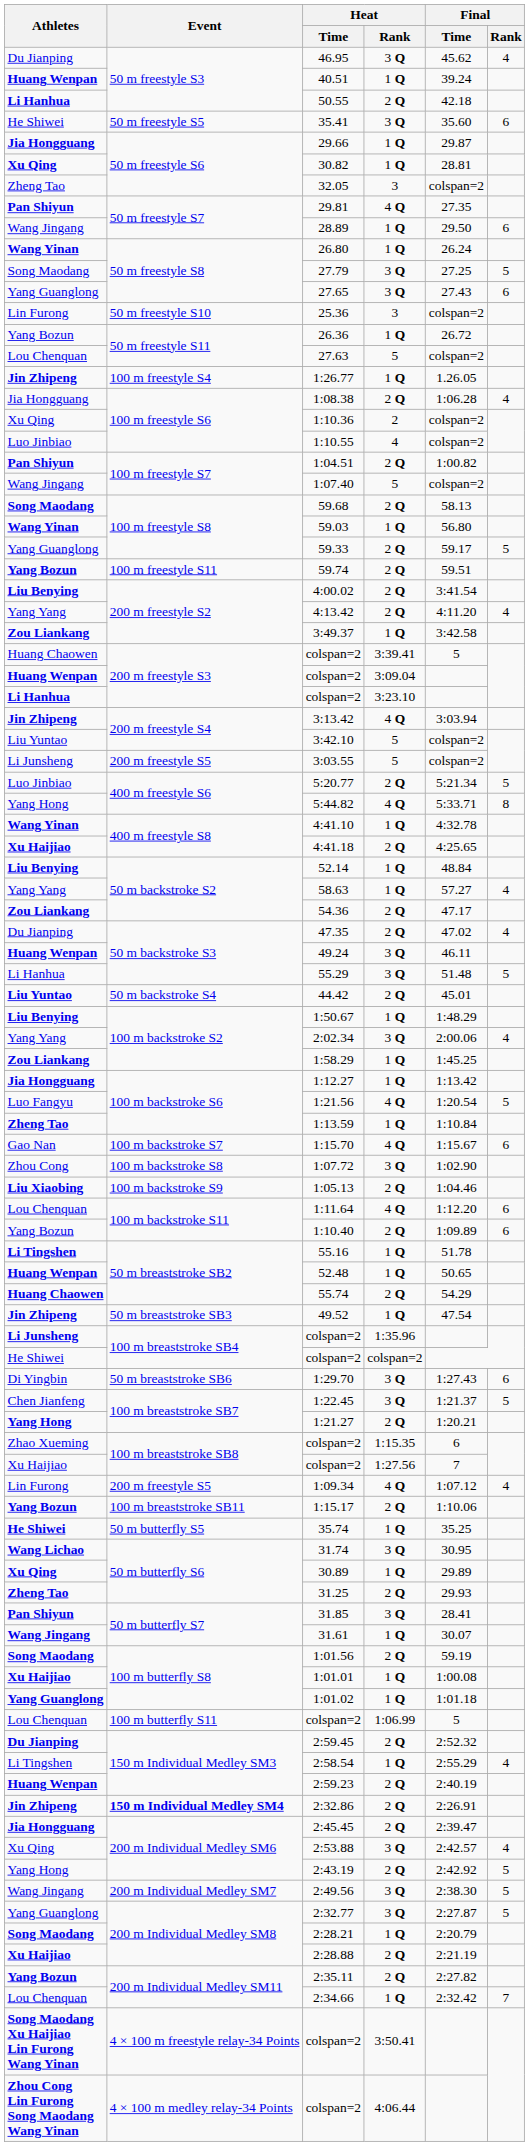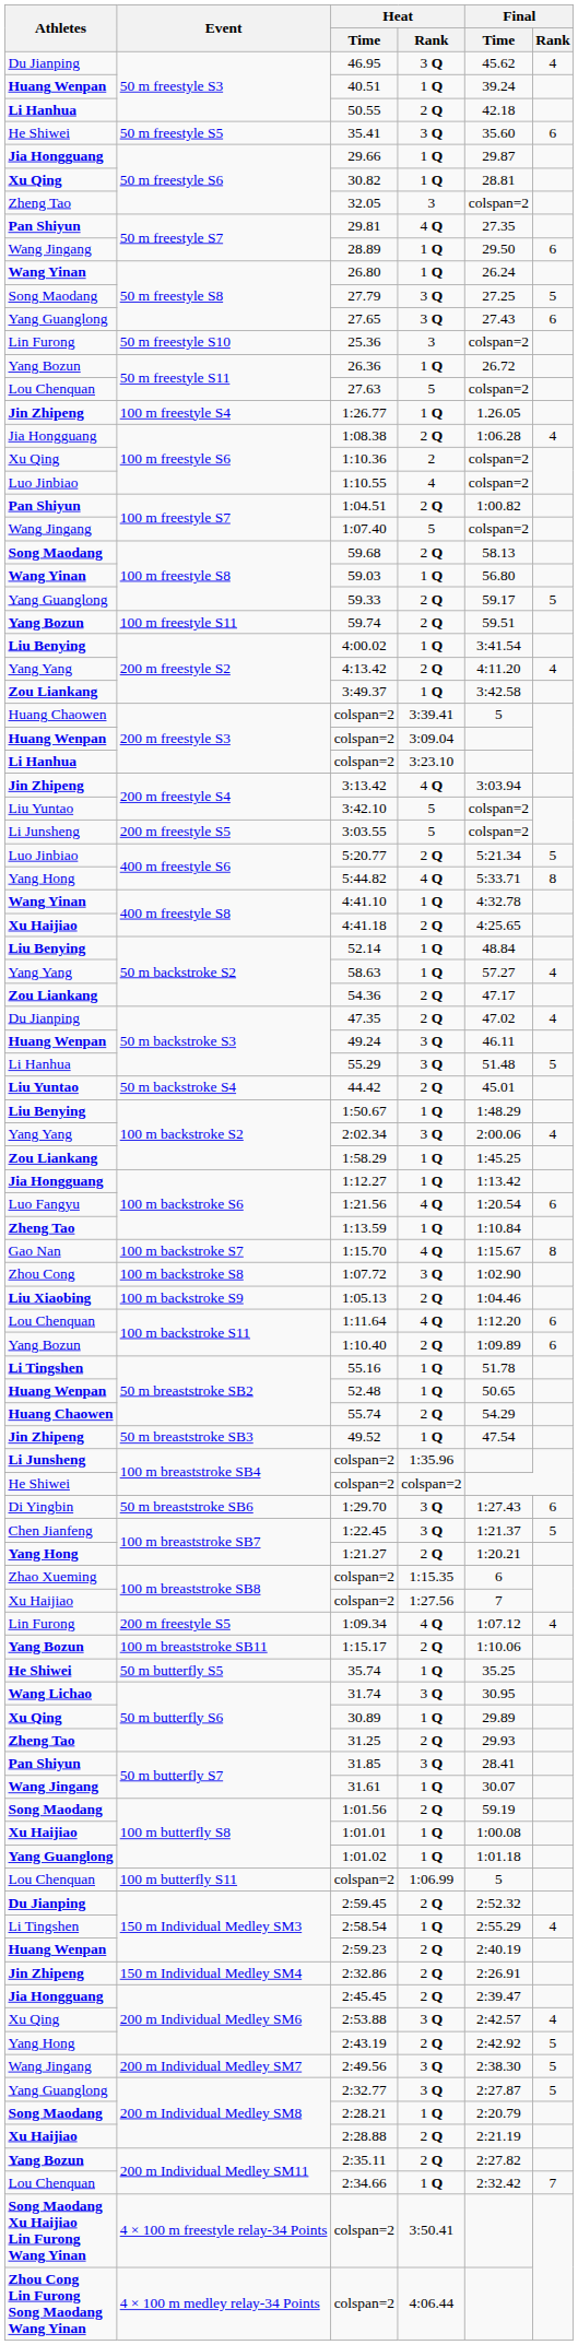 <table class=wikitable>
 <tr>
 <th rowspan="2">Athletes</th>
 <th rowspan="2">Event</th>
 <th colspan="2">Heat</th>
 <th colspan="2">Final</th>
 </tr>
 <tr>
 <th>Time</th>
 <th>Rank</th>
 <th>Time</th>
 <th>Rank</th>
 </tr>
 <tr align=center>
 <td align=left><a href='#'>Du Jianping</a></td>
 <td align=left rowspan=3><a href='#'>50 m freestyle S3</a></td>
 <td>46.95</td>
 <td>3 <strong>Q</strong></td>
 <td>45.62</td>
 <td>4</td>
 </tr>
 <tr align=center>
 <td align=left><strong><a href='#'>Huang Wenpan</a></strong></td>
 <td>40.51 </td>
 <td>1 <strong>Q</strong></td>
 <td>39.24 </td>
 <td></td>
 </tr>
 <tr align=center>
 <td align=left><strong><a href='#'>Li Hanhua</a></strong></td>
 <td>50.55</td>
 <td>2 <strong>Q</strong></td>
 <td>42.18</td>
 <td></td>
 </tr>
 <tr align=center>
 <td align=left><a href='#'>He Shiwei</a></td>
 <td align=left><a href='#'>50 m freestyle S5</a></td>
 <td>35.41</td>
 <td>3 <strong>Q</strong></td>
 <td>35.60</td>
 <td>6</td>
 </tr>
 <tr align=center>
 <td align=left><strong><a href='#'>Jia Hongguang</a></strong></td>
 <td align=left rowspan=3><a href='#'>50 m freestyle S6</a></td>
 <td>29.66</td>
 <td>1 <strong>Q</strong></td>
 <td>29.87</td>
 <td></td>
 </tr>
 <tr align=center>
 <td align=left><strong><a href='#'>Xu Qing</a></strong></td>
 <td>30.82</td>
 <td>1 <strong>Q</strong></td>
 <td>28.81</td>
 <td></td>
 </tr>
 <tr align=center>
 <td align=left><a href='#'>Zheng Tao</a></td>
 <td>32.05</td>
 <td>3</td>
 <td>colspan=2</td>
 </tr>
 <tr align=center>
 <td align=left><strong><a href='#'>Pan Shiyun</a></strong></td>
 <td align=left rowspan=2><a href='#'>50 m freestyle S7</a></td>
 <td>29.81</td>
 <td>4 <strong>Q</strong></td>
 <td>27.35 </td>
 <td></td>
 </tr>
 <tr align=center>
 <td align=left><a href='#'>Wang Jingang</a></td>
 <td>28.89</td>
 <td>1 <strong>Q</strong></td>
 <td>29.50</td>
 <td>6</td>
 </tr>
 <tr align=center>
 <td align=left><strong><a href='#'>Wang Yinan</a></strong></td>
 <td align=left rowspan=3><a href='#'>50 m freestyle S8</a></td>
 <td>26.80</td>
 <td>1 <strong>Q</strong></td>
 <td>26.24</td>
 <td></td>
 </tr>
 <tr align=center>
 <td align=left><a href='#'>Song Maodang</a></td>
 <td>27.79</td>
 <td>3 <strong>Q</strong></td>
 <td>27.25</td>
 <td>5</td>
 </tr>
 <tr align=center>
 <td align=left><a href='#'>Yang Guanglong</a></td>
 <td>27.65</td>
 <td>3 <strong>Q</strong></td>
 <td>27.43</td>
 <td>6</td>
 </tr>
 <tr align=center>
 <td align=left><a href='#'>Lin Furong</a></td>
 <td align=left><a href='#'>50 m freestyle S10</a></td>
 <td>25.36</td>
 <td>3</td>
 <td>colspan=2</td>
 </tr>
 <tr align=center>
 <td align=left><a href='#'>Yang Bozun</a></td>
 <td align=left rowspan=2><a href='#'>50 m freestyle S11</a></td>
 <td>26.36</td>
 <td>1 <strong>Q</strong></td>
 <td>26.72</td>
 <td></td>
 </tr>
 <tr align=center>
 <td align=left><a href='#'>Lou Chenquan</a></td>
 <td>27.63</td>
 <td>5</td>
 <td>colspan=2</td>
 </tr>
 <tr align=center>
 <td align=left><strong><a href='#'>Jin Zhipeng</a></strong></td>
 <td align=left><a href='#'>100 m freestyle S4</a></td>
 <td>1:26.77</td>
 <td>1 <strong>Q</strong></td>
 <td>1.26.05</td>
 <td></td>
 </tr>
 <tr align=center>
 <td align=left><a href='#'>Jia Hongguang</a></td>
 <td align=left rowspan=3><a href='#'>100 m freestyle S6</a></td>
 <td>1:08.38</td>
 <td>2 <strong>Q</strong></td>
 <td>1:06.28</td>
 <td>4</td>
 </tr>
 <tr align=center>
 <td align=left><a href='#'>Xu Qing</a></td>
 <td>1:10.36</td>
 <td>2</td>
 <td>colspan=2</td>
 </tr>
 <tr align=center>
 <td align=left><a href='#'>Luo Jinbiao</a></td>
 <td>1:10.55</td>
 <td>4</td>
 <td>colspan=2</td>
 </tr>
 <tr align=center>
 <td align=left><strong><a href='#'>Pan Shiyun</a></strong></td>
 <td align=left rowspan=2><a href='#'>100 m freestyle S7</a></td>
 <td>1:04.51</td>
 <td>2 <strong>Q</strong></td>
 <td>1:00.82</td>
 <td></td>
 </tr>
 <tr align=center>
 <td align=left><a href='#'>Wang Jingang</a></td>
 <td>1:07.40</td>
 <td>5</td>
 <td>colspan=2</td>
 </tr>
 <tr align=center>
 <td align=left><strong><a href='#'>Song Maodang</a></strong></td>
 <td align=left rowspan=3><a href='#'>100 m freestyle S8</a></td>
 <td>59.68</td>
 <td>2 <strong>Q</strong></td>
 <td>58.13</td>
 <td></td>
 </tr>
 <tr align=center>
 <td align=left><strong><a href='#'>Wang Yinan</a></strong></td>
 <td>59.03</td>
 <td>1 <strong>Q</strong></td>
 <td>56.80</td>
 <td></td>
 </tr>
 <tr align=center>
 <td align=left><a href='#'>Yang Guanglong</a></td>
 <td>59.33</td>
 <td>2 <strong>Q</strong></td>
 <td>59.17</td>
 <td>5</td>
 </tr>
 <tr align=center>
 <td align=left><strong><a href='#'>Yang Bozun</a></strong></td>
 <td align=left><a href='#'>100 m freestyle S11</a></td>
 <td>59.74</td>
 <td>2 <strong>Q</strong></td>
 <td>59.51</td>
 <td></td>
 </tr>
 <tr align=center>
 <td align=left><strong><a href='#'>Liu Benying</a></strong></td>
 <td align=left rowspan=3><a href='#'>200 m freestyle S2</a></td>
 <td>4:00.02</td>
-<td>2 <strong>Q</strong></td>
+<td>1 <strong>Q</strong></td>
 <td>3:41.54 </td>
 <td></td>
 </tr>
 <tr align=center>
 <td align=left><a href='#'>Yang Yang</a></td>
 <td>4:13.42</td>
 <td>2 <strong>Q</strong></td>
 <td>4:11.20</td>
 <td>4</td>
 </tr>
 <tr align=center>
 <td align=left><strong><a href='#'>Zou Liankang</a></strong></td>
 <td>3:49.37 </td>
 <td>1 <strong>Q</strong></td>
 <td>3:42.58</td>
 <td></td>
 </tr>
 <tr align=center>
 <td align=left><a href='#'>Huang Chaowen</a></td>
 <td align=left rowspan=3><a href='#'>200 m freestyle S3</a></td>
 <td>colspan=2 </td>
 <td>3:39.41</td>
 <td>5</td>
 </tr>
 <tr align=center>
 <td align=left><strong><a href='#'>Huang Wenpan</a></strong></td>
 <td>colspan=2 </td>
 <td>3:09.04 </td>
 <td></td>
 </tr>
 <tr align=center>
 <td align=left><strong><a href='#'>Li Hanhua</a></strong></td>
 <td>colspan=2 </td>
 <td>3:23.10</td>
 <td></td>
 </tr>
 <tr align=center>
 <td align=left><strong><a href='#'>Jin Zhipeng</a></strong></td>
 <td align=left rowspan=2><a href='#'>200 m freestyle S4</a></td>
 <td>3:13.42</td>
 <td>4 <strong>Q</strong></td>
 <td>3:03.94</td>
 <td></td>
 </tr>
 <tr align=center>
 <td align=left><a href='#'>Liu Yuntao</a></td>
 <td>3:42.10</td>
 <td>5</td>
 <td>colspan=2</td>
 </tr>
 <tr align=center>
 <td align=left><a href='#'>Li Junsheng</a></td>
 <td align=left><a href='#'>200 m freestyle S5</a></td>
 <td>3:03.55</td>
 <td>5</td>
 <td>colspan=2</td>
 </tr>
 <tr align=center>
 <td align=left><a href='#'>Luo Jinbiao</a></td>
 <td align=left rowspan=2><a href='#'>400 m freestyle S6</a></td>
 <td>5:20.77</td>
 <td>2 <strong>Q</strong></td>
 <td>5:21.34</td>
 <td>5</td>
 </tr>
 <tr align=center>
 <td align=left><a href='#'>Yang Hong</a></td>
 <td>5:44.82</td>
 <td>4 <strong>Q</strong></td>
 <td>5:33.71</td>
 <td>8</td>
 </tr>
 <tr align=center>
 <td align=left><strong><a href='#'>Wang Yinan</a></strong></td>
 <td align=left rowspan=2><a href='#'>400 m freestyle S8</a></td>
 <td>4:41.10</td>
 <td>1 <strong>Q</strong></td>
 <td>4:32.78</td>
 <td></td>
 </tr>
 <tr align=center>
 <td align=left><strong><a href='#'>Xu Haijiao</a></strong></td>
 <td>4:41.18</td>
 <td>2 <strong>Q</strong></td>
 <td>4:25.65</td>
 <td></td>
 </tr>
 <tr align=center>
 <td align=left><strong><a href='#'>Liu Benying</a></strong></td>
 <td align=left rowspan=3><a href='#'>50 m backstroke S2</a></td>
 <td>52.14</td>
 <td>1 <strong>Q</strong></td>
 <td>48.84</td>
 <td></td>
 </tr>
 <tr align=center>
 <td align=left><a href='#'>Yang Yang</a></td>
 <td>58.63</td>
 <td>1 <strong>Q</strong></td>
 <td>57.27</td>
 <td>4</td>
 </tr>
 <tr align=center>
 <td align=left><strong><a href='#'>Zou Liankang</a></strong></td>
 <td>54.36</td>
 <td>2 <strong>Q</strong></td>
 <td>47.17 </td>
 <td></td>
 </tr>
 <tr align=center>
 <td align=left><a href='#'>Du Jianping</a></td>
 <td align=left rowspan=3><a href='#'>50 m backstroke S3</a></td>
 <td>47.35</td>
 <td>2 <strong>Q</strong></td>
 <td>47.02</td>
 <td>4</td>
 </tr>
 <tr align=center>
 <td align=left><strong><a href='#'>Huang Wenpan</a></strong></td>
 <td>49.24</td>
 <td>3 <strong>Q</strong></td>
 <td>46.11</td>
 <td></td>
 </tr>
 <tr align=center>
 <td align=left><a href='#'>Li Hanhua</a></td>
 <td>55.29</td>
 <td>3 <strong>Q</strong></td>
 <td>51.48</td>
 <td>5</td>
 </tr>
 <tr align=center>
 <td align=left><strong><a href='#'>Liu Yuntao</a></strong></td>
 <td align=left><a href='#'>50 m backstroke S4</a></td>
 <td>44.42</td>
 <td>2 <strong>Q</strong></td>
 <td>45.01</td>
 <td></td>
 </tr>
 <tr align=center>
 <td align=left><strong><a href='#'>Liu Benying</a></strong></td>
 <td align=left rowspan=3><a href='#'>100 m backstroke S2</a></td>
 <td>1:50.67 </td>
 <td>1 <strong>Q</strong></td>
 <td>1:48.29</td>
 <td></td>
 </tr>
 <tr align=center>
 <td align=left><a href='#'>Yang Yang</a></td>
 <td>2:02.34</td>
 <td>3 <strong>Q</strong></td>
 <td>2:00.06</td>
 <td>4</td>
 </tr>
 <tr align=center>
 <td align=left><strong><a href='#'>Zou Liankang</a></strong></td>
 <td>1:58.29 </td>
 <td>1 <strong>Q</strong></td>
 <td>1:45.25 </td>
 <td></td>
 </tr>
 <tr align=center>
 <td align=left><strong><a href='#'>Jia Hongguang</a></strong></td>
 <td align=left rowspan=3><a href='#'>100 m backstroke S6</a></td>
 <td>1:12.27 </td>
 <td>1 <strong>Q</strong></td>
 <td>1:13.42</td>
 <td></td>
 </tr>
 <tr align=center>
 <td align=left><a href='#'>Luo Fangyu</a></td>
 <td>1:21.56</td>
 <td>4 <strong>Q</strong></td>
 <td>1:20.54</td>
-<td>5</td>
+<td>6</td>
 </tr>
 <tr align=center>
 <td align=left><strong><a href='#'>Zheng Tao</a></strong></td>
 <td>1:13.59</td>
 <td>1 <strong>Q</strong></td>
 <td>1:10.84 </td>
 <td></td>
 </tr>
 <tr align=center>
 <td align=left><a href='#'>Gao Nan</a></td>
 <td align=left><a href='#'>100 m backstroke S7</a></td>
 <td>1:15.70</td>
 <td>4 <strong>Q</strong></td>
 <td>1:15.67</td>
-<td>6</td>
+<td>8</td>
 </tr>
 <tr align=center>
 <td align=left><a href='#'>Zhou Cong</a></td>
 <td align=left><a href='#'>100 m backstroke S8</a></td>
 <td>1:07.72</td>
 <td>3 <strong>Q</strong></td>
 <td>1:02.90 </td>
 <td></td>
 </tr>
 <tr align=center>
 <td align=left><strong><a href='#'>Liu Xiaobing</a></strong></td>
 <td align=left><a href='#'>100 m backstroke S9</a></td>
 <td>1:05.13</td>
 <td>2 <strong>Q</strong></td>
 <td>1:04.46</td>
 <td></td>
 </tr>
 <tr align=center>
 <td align=left><a href='#'>Lou Chenquan</a></td>
 <td align=left rowspan=2><a href='#'>100 m backstroke S11</a></td>
 <td>1:11.64</td>
 <td>4 <strong>Q</strong></td>
 <td>1:12.20</td>
 <td>6</td>
 </tr>
 <tr align=center>
 <td align=left><a href='#'>Yang Bozun</a></td>
 <td>1:10.40</td>
 <td>2 <strong>Q</strong></td>
 <td>1:09.89</td>
 <td>6</td>
 </tr>
 <tr align=center>
 <td align=left><strong><a href='#'>Li Tingshen</a></strong></td>
 <td align=left rowspan=3><a href='#'>50 m breaststroke SB2</a></td>
 <td>55.16</td>
 <td>1 <strong>Q</strong></td>
 <td>51.78</td>
 <td></td>
 </tr>
 <tr align=center>
 <td align=left><strong><a href='#'>Huang Wenpan</a></strong></td>
 <td>52.48 </td>
 <td>1 <strong>Q</strong></td>
 <td>50.65 </td>
 <td></td>
 </tr>
 <tr align=center>
 <td align=left><strong><a href='#'>Huang Chaowen</a></strong></td>
 <td>55.74</td>
 <td>2 <strong>Q</strong></td>
 <td>54.29</td>
 <td></td>
 </tr>
 <tr align=center>
 <td align=left><strong><a href='#'>Jin Zhipeng</a></strong></td>
 <td align=left><a href='#'>50 m breaststroke SB3</a></td>
 <td>49.52</td>
 <td>1 <strong>Q</strong></td>
 <td>47.54 </td>
 <td></td>
 </tr>
 <tr align=center>
 <td align=left><strong><a href='#'>Li Junsheng</a></strong></td>
 <td align=left rowspan=2><a href='#'>100 m breaststroke SB4</a></td>
 <td>colspan=2 </td>
 <td>1:35.96</td>
 <td></td>
 </tr>
 <tr align=center>
 <td align=left><a href='#'>He Shiwei</a></td>
 <td>colspan=2 </td>
 <td>colspan=2</td>
 </tr>
 <tr align=center>
 <td align=left><a href='#'>Di Yingbin</a></td>
 <td align=left><a href='#'>50 m breaststroke SB6</a></td>
 <td>1:29.70</td>
 <td>3 <strong>Q</strong></td>
 <td>1:27.43</td>
 <td>6</td>
 </tr>
 <tr align=center>
 <td align=left><a href='#'>Chen Jianfeng</a></td>
 <td align=left rowspan=2><a href='#'>100 m breaststroke SB7</a></td>
 <td>1:22.45</td>
 <td>3 <strong>Q</strong></td>
 <td>1:21.37</td>
 <td>5</td>
 </tr>
 <tr align=center>
 <td align=left><strong><a href='#'>Yang Hong</a></strong></td>
 <td>1:21.27</td>
 <td>2 <strong>Q</strong></td>
 <td>1:20.21</td>
 <td></td>
 </tr>
 <tr align=center>
 <td align=left><a href='#'>Zhao Xueming</a></td>
 <td align=left rowspan=2><a href='#'>100 m breaststroke SB8</a></td>
 <td>colspan=2 </td>
 <td>1:15.35</td>
 <td>6</td>
 </tr>
 <tr align=center>
 <td align=left><a href='#'>Xu Haijiao</a></td>
 <td>colspan=2 </td>
 <td>1:27.56</td>
 <td>7</td>
 </tr>
 <tr align=center>
 <td align=left><a href='#'>Lin Furong</a></td>
 <td align=left><a href='#'>200 m freestyle S5</a></td>
 <td>1:09.34</td>
 <td>4 <strong>Q</strong></td>
 <td>1:07.12</td>
 <td>4</td>
 </tr>
 <tr align=center>
 <td align=left><strong><a href='#'>Yang Bozun</a></strong></td>
 <td align=left><a href='#'>100 m breaststroke SB11</a></td>
 <td>1:15.17</td>
 <td>2 <strong>Q</strong></td>
 <td>1:10.06 </td>
 <td></td>
 </tr>
 <tr align=center>
 <td align=left><strong><a href='#'>He Shiwei</a></strong></td>
 <td align=left><a href='#'>50 m butterfly S5</a></td>
 <td>35.74</td>
 <td>1 <strong>Q</strong></td>
 <td>35.25</td>
 <td></td>
 </tr>
 <tr align=center>
 <td align=left><strong><a href='#'>Wang Lichao</a></strong></td>
 <td align=left rowspan=3><a href='#'>50 m butterfly S6</a></td>
 <td>31.74</td>
 <td>3 <strong>Q</strong></td>
 <td>30.95</td>
 <td></td>
 </tr>
 <tr align=center>
 <td align=left><strong><a href='#'>Xu Qing</a></strong></td>
 <td>30.89</td>
 <td>1 <strong>Q</strong></td>
 <td>29.89 </td>
 <td></td>
 </tr>
 <tr align=center>
 <td align=left><strong><a href='#'>Zheng Tao</a></strong></td>
 <td>31.25</td>
 <td>2 <strong>Q</strong></td>
 <td>29.93</td>
 <td></td>
 </tr>
 <tr align=center>
 <td align=left><strong><a href='#'>Pan Shiyun</a></strong></td>
 <td align=left rowspan=2><a href='#'>50 m butterfly S7</a></td>
 <td>31.85</td>
 <td>3 <strong>Q</strong></td>
 <td>28.41 </td>
 <td></td>
 </tr>
 <tr align=center>
 <td align=left><strong><a href='#'>Wang Jingang</a></strong></td>
 <td>31.61</td>
 <td>1 <strong>Q</strong></td>
 <td>30.07</td>
 <td></td>
 </tr>
 <tr align=center>
 <td align=left><strong><a href='#'>Song Maodang</a></strong></td>
 <td align=left rowspan=3><a href='#'>100 m butterfly S8</a></td>
 <td>1:01.56</td>
 <td>2 <strong>Q</strong></td>
 <td>59.19 </td>
 <td></td>
 </tr>
 <tr align=center>
 <td align=left><strong><a href='#'>Xu Haijiao</a></strong></td>
 <td>1:01.01</td>
 <td>1 <strong>Q</strong></td>
 <td>1:00.08</td>
 <td></td>
 </tr>
 <tr align=center>
 <td align=left><strong><a href='#'>Yang Guanglong</a></strong></td>
 <td>1:01.02</td>
 <td>1 <strong>Q</strong></td>
 <td>1:01.18</td>
 <td></td>
 </tr>
 <tr align=center>
 <td align=left><a href='#'>Lou Chenquan</a></td>
 <td align=left><a href='#'>100 m butterfly S11</a></td>
 <td>colspan=2 </td>
 <td>1:06.99</td>
 <td>5</td>
 </tr>
 <tr align=center>
 <td align=left><strong><a href='#'>Du Jianping</a></strong></td>
 <td align=left rowspan=3><a href='#'>150 m Individual Medley SM3</a></td>
 <td>2:59.45</td>
 <td>2 <strong>Q</strong></td>
 <td>2:52.32</td>
 <td></td>
 </tr>
 <tr align=center>
 <td align=left><a href='#'>Li Tingshen</a></td>
 <td>2:58.54</td>
 <td>1 <strong>Q</strong></td>
 <td>2:55.29</td>
 <td>4</td>
 </tr>
 <tr align=center>
 <td align=left><strong><a href='#'>Huang Wenpan</a></strong></td>
 <td>2:59.23</td>
 <td>2 <strong>Q</strong></td>
 <td>2:40.19 </td>
 <td></td>
 </tr>
 <tr align=center>
 <td align=left><strong><a href='#'>Jin Zhipeng</a></strong></td>
-<td align=left><strong><a href='#'>150 m Individual Medley SM4</a></strong></td>
+<td align=left><a href='#'>150 m Individual Medley SM4</a></td>
 <td>2:32.86</td>
 <td>2 <strong>Q</strong></td>
 <td>2:26.91</td>
 <td></td>
 </tr>
 <tr align=center>
 <td align=left><strong><a href='#'>Jia Hongguang</a></strong></td>
 <td align=left rowspan=3><a href='#'>200 m Individual Medley SM6</a></td>
 <td>2:45.45</td>
 <td>2 <strong>Q</strong></td>
 <td>2:39.47</td>
 <td></td>
 </tr>
 <tr align=center>
 <td align=left><a href='#'>Xu Qing</a></td>
 <td>2:53.88</td>
 <td>3 <strong>Q</strong></td>
 <td>2:42.57</td>
 <td>4</td>
 </tr>
 <tr align=center>
 <td align=left><a href='#'>Yang Hong</a></td>
 <td>2:43.19</td>
 <td>2 <strong>Q</strong></td>
 <td>2:42.92</td>
 <td>5</td>
 </tr>
 <tr align=center>
 <td align=left><a href='#'>Wang Jingang</a></td>
 <td align=left><a href='#'>200 m Individual Medley SM7</a></td>
 <td>2:49.56</td>
 <td>3 <strong>Q</strong></td>
 <td>2:38.30</td>
 <td>5</td>
 </tr>
 <tr align=center>
 <td align=left><a href='#'>Yang Guanglong</a></td>
 <td align=left rowspan=3><a href='#'>200 m Individual Medley SM8</a></td>
 <td>2:32.77</td>
 <td>3 <strong>Q</strong></td>
 <td>2:27.87</td>
 <td>5</td>
 </tr>
 <tr align=center>
 <td align=left><strong><a href='#'>Song Maodang</a></strong></td>
 <td>2:28.21</td>
 <td>1 <strong>Q</strong></td>
 <td>2:20.79</td>
 <td></td>
 </tr>
 <tr align=center>
 <td align=left><strong><a href='#'>Xu Haijiao</a></strong></td>
 <td>2:28.88</td>
 <td>2 <strong>Q</strong></td>
 <td>2:21.19</td>
 <td></td>
 </tr>
 <tr align=center>
 <td align=left><strong><a href='#'>Yang Bozun</a></strong></td>
 <td align=left rowspan=2><a href='#'>200 m Individual Medley SM11</a></td>
 <td>2:35.11</td>
 <td>2 <strong>Q</strong></td>
 <td>2:27.82</td>
 <td></td>
 </tr>
 <tr align=center>
 <td align=left><a href='#'>Lou Chenquan</a></td>
 <td>2:34.66</td>
 <td>1 <strong>Q</strong></td>
 <td>2:32.42</td>
 <td>7</td>
 </tr>
 <tr align=center>
 <td align=left><strong><a href='#'>Song Maodang</a><br><a href='#'>Xu Haijiao</a><br><a href='#'>Lin Furong</a><br><a href='#'>Wang Yinan</a></strong></td>
 <td align=left><a href='#'>4 × 100 m freestyle relay-34 Points</a></td>
 <td>colspan=2 </td>
 <td>3:50.41</td>
 <td></td>
 </tr>
 <tr align=center>
 <td align=left><strong><a href='#'>Zhou Cong</a><br><a href='#'>Lin Furong</a><br><a href='#'>Song Maodang</a><br><a href='#'>Wang Yinan</a></strong></td>
 <td align=left><a href='#'>4 × 100 m medley relay-34 Points</a></td>
 <td>colspan=2 </td>
 <td>4:06.44</td>
 <td></td>
 </tr>
 </table>
